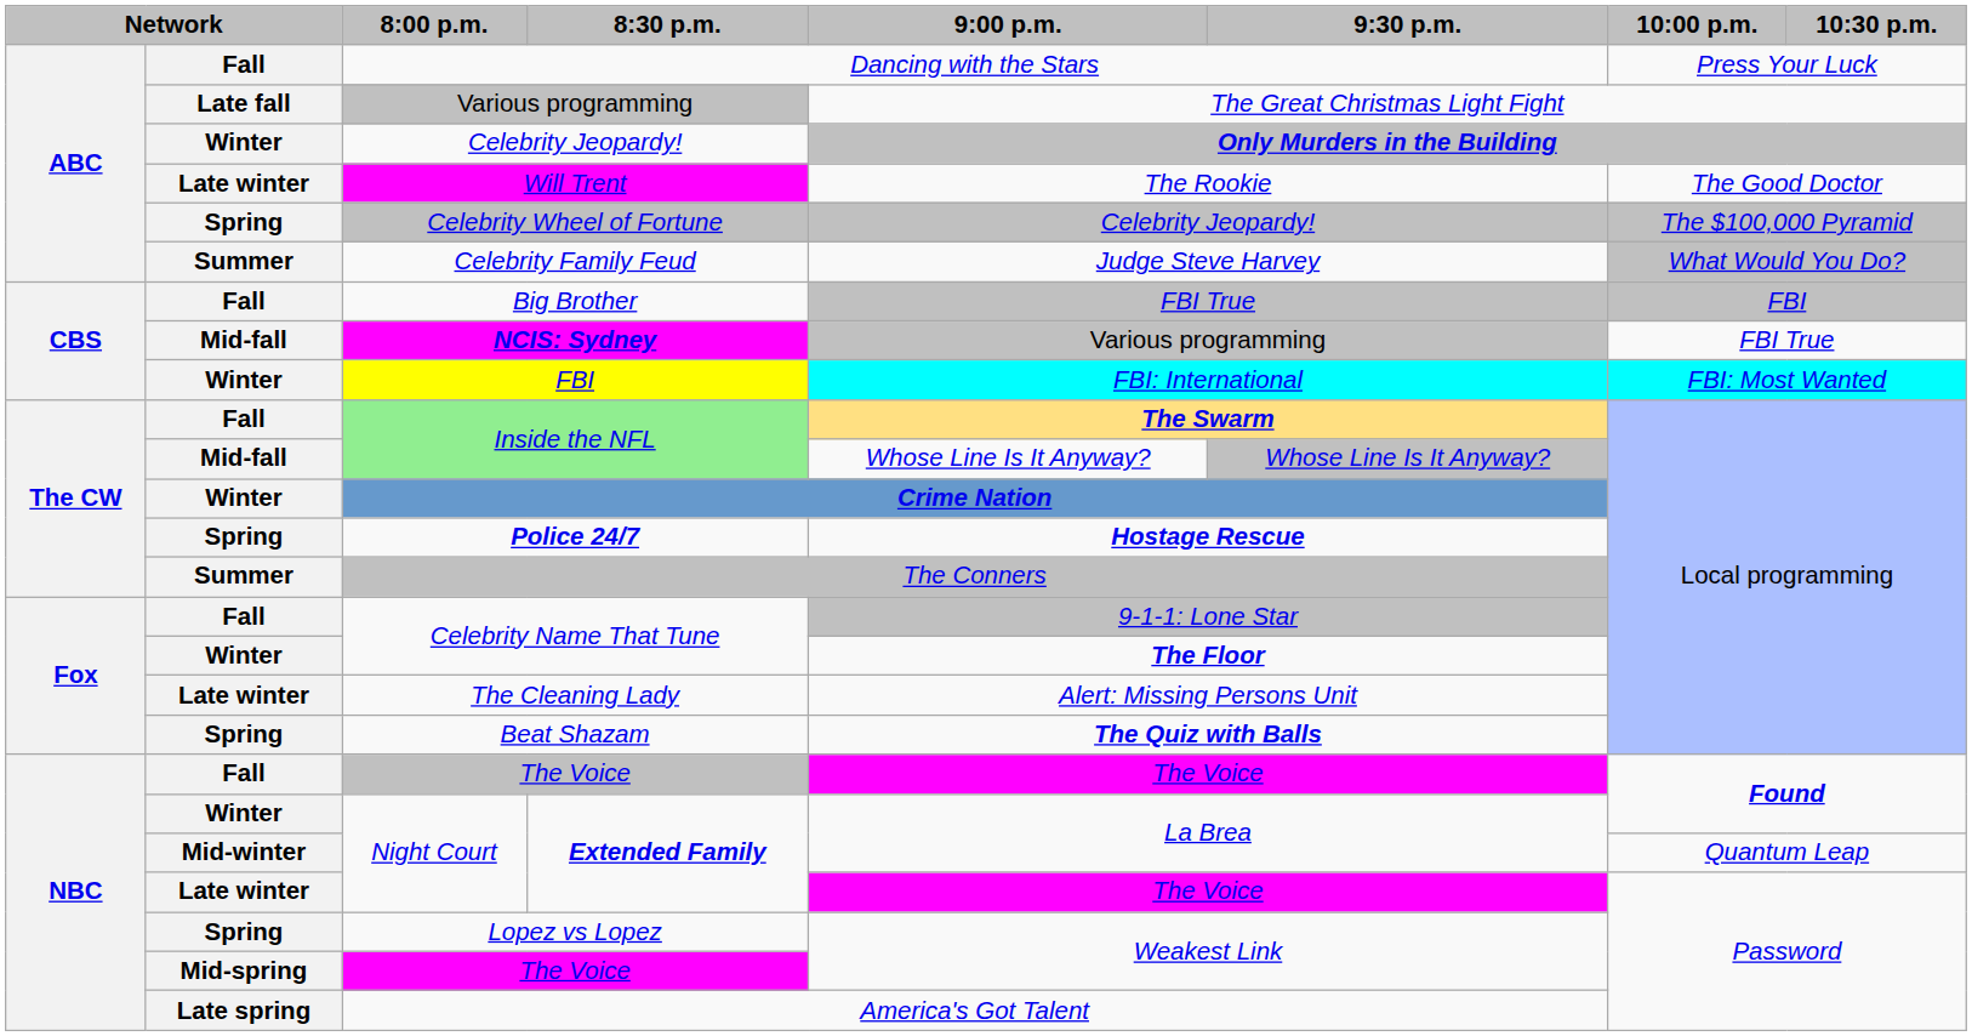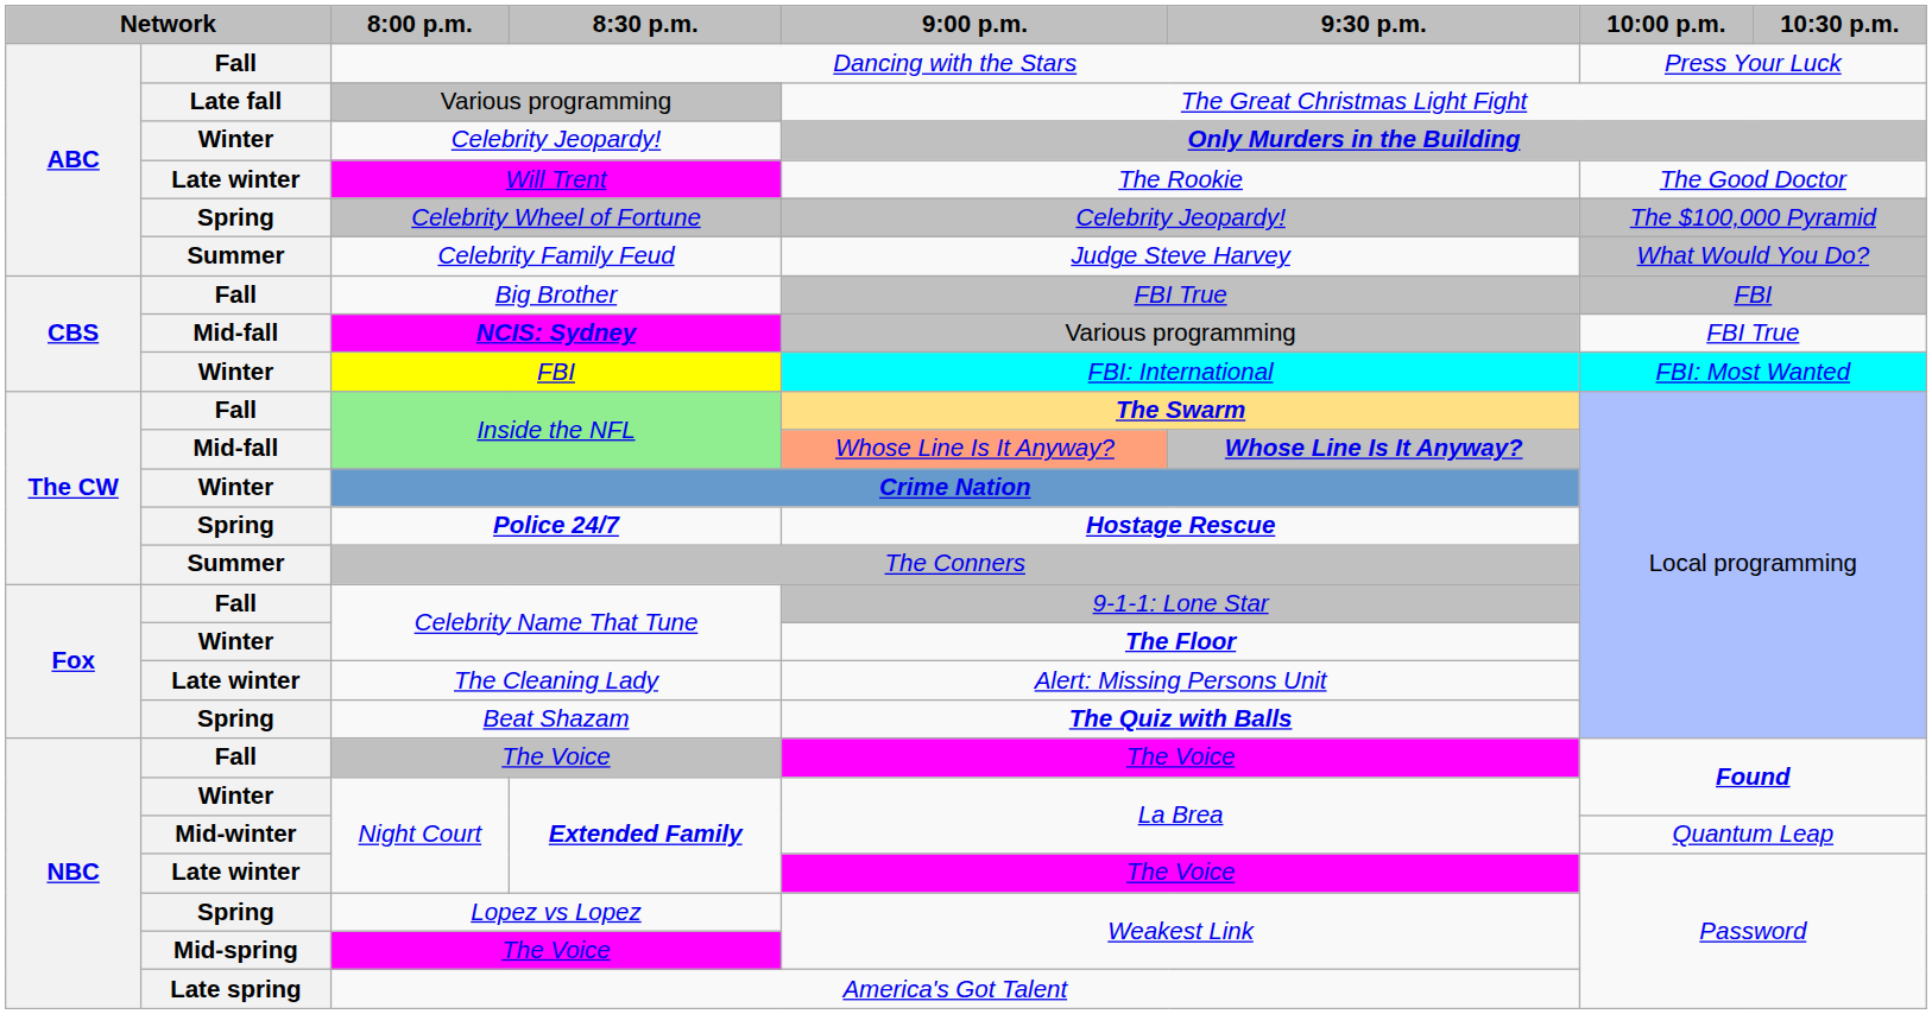 <table class="wikitable" style="width:100%;margin-right:0;text-align:center">
 <tr>
 <th colspan="2" style="background-color:#C0C0C0;text-align:center">Network</th>
 <th style="background-color:#C0C0C0;text-align:center">8:00 p.m.</th>
 <th style="background-color:#C0C0C0;text-align:center">8:30 p.m.</th>
 <th style="background-color:#C0C0C0;text-align:center">9:00 p.m.</th>
 <th style="background-color:#C0C0C0;text-align:center">9:30 p.m.</th>
 <th style="background-color:#C0C0C0;text-align:center">10:00 p.m.</th>
 <th style="background-color:#C0C0C0;text-align:center">10:30 p.m.</th>
 </tr>
 <tr>
 <th rowspan="6"><a href='#'>ABC</a></th>
 <th>Fall</th>
 <td colspan="4"><em><a href='#'>Dancing with the Stars</a></em></td>
 <td colspan="2"><em><a href='#'>Press Your Luck</a></em></td>
 </tr>
 <tr>
 <th>Late fall</th>
 <td colspan="2" style="background:#C0C0C0;">Various programming</td>
 <td colspan="4"><em><a href='#'>The Great Christmas Light Fight</a></em></td>
 </tr>
 <tr>
 <th>Winter</th>
 <td colspan="2"><em><a href='#'>Celebrity Jeopardy!</a></em></td>
 <td colspan="4" style="background:#C0C0C0;"><strong><em><a href='#'>Only Murders in the Building</a></em></strong> </td>
 </tr>
 <tr>
 <th>Late winter</th>
 <td colspan="2" style="background:magenta;"><em><a href='#'>Will Trent</a></em> </td>
 <td colspan="2"><em><a href='#'>The Rookie</a></em></td>
 <td colspan="2"><em><a href='#'>The Good Doctor</a></em></td>
 </tr>
 <tr>
 <th>Spring</th>
 <td colspan="2" style="background:#C0C0C0;"><em><a href='#'>Celebrity Wheel of Fortune</a></em> </td>
 <td colspan="2" style="background:#C0C0C0;"><em><a href='#'>Celebrity Jeopardy!</a></em> </td>
 <td colspan="2" style="background:#C0C0C0;"><em><a href='#'>The $100,000 Pyramid</a></em> </td>
 </tr>
 <tr>
 <th>Summer</th>
 <td colspan="2"><em><a href='#'>Celebrity Family Feud</a></em></td>
 <td colspan="2"><em><a href='#'>Judge Steve Harvey</a></em></td>
 <td colspan="2" style="background:#C0C0C0;"><em><a href='#'>What Would You Do?</a></em> </td>
 </tr>
 <tr>
 <th rowspan="3"><a href='#'>CBS</a></th>
 <th>Fall</th>
 <td colspan="2"><em><a href='#'>Big Brother</a></em></td>
 <td colspan="2" style="background:#C0C0C0;"><em><a href='#'>FBI True</a></em> </td>
 <td colspan="2" style="background:#C0C0C0;"><em><a href='#'>FBI</a></em> </td>
 </tr>
 <tr>
 <th>Mid-fall</th>
 <td colspan="2" style="background:magenta;"><strong><em><a href='#'>NCIS: Sydney</a></em></strong> </td>
 <td colspan="2" style="background:#C0C0C0;">Various programming</td>
 <td colspan="2"><em><a href='#'>FBI True</a></em></td>
 </tr>
 <tr>
 <th>Winter</th>
 <td colspan="2" style="background:yellow;"><em><a href='#'>FBI</a></em> </td>
 <td colspan="2" style="background:cyan;"><em><a href='#'>FBI: International</a></em> </td>
 <td colspan="2" style="background:cyan;"><em><a href='#'>FBI: Most Wanted</a></em> </td>
 </tr>
 <tr>
 <th rowspan="5"><a href='#'>The CW</a></th>
 <th>Fall</th>
 <td rowspan="2" colspan="2" style="background:lightgreen"><em><a href='#'>Inside the NFL</a></em></td>
 <td colspan="2" style="background:#FFE082;"><strong><em><a href='#'>The Swarm</a></em></strong></td>
 <td rowspan="9" colspan="2" style="background:#abbfff;">Local programming</td>
 </tr>
 <tr>
 <th>Mid-fall</th>
-<td><em><a href='#'>Whose Line Is It Anyway?</a></em></td>
-<td style="background:#C0C0C0;"><em><a href='#'>Whose Line Is It Anyway?</a></em> </td>
+<td style="background: lightsalmon;"><em><a href='#'>Whose Line Is It Anyway?</a></em></td>
+<td style="background:#C0C0C0;"><strong><em><a href='#'>Whose Line Is It Anyway?</a></em> </strong></td>
 </tr>
 <tr>
 <th>Winter</th>
 <td colspan="4" style="background:#6699CC;"><strong><em><a href='#'>Crime Nation</a></em></strong></td>
 </tr>
 <tr>
 <th>Spring</th>
 <td colspan="2"><strong><em><a href='#'>Police 24/7</a></em></strong></td>
 <td colspan="2"><strong><em><a href='#'>Hostage Rescue</a></em></strong></td>
 </tr>
 <tr>
 <th>Summer</th>
 <td colspan="4" style="background:#C0C0C0;"><em><a href='#'>The Conners</a></em> </td>
 </tr>
 <tr>
 <th rowspan="4"><a href='#'>Fox</a></th>
 <th>Fall</th>
 <td rowspan="2" colspan="2"><em><a href='#'>Celebrity Name That Tune</a></em></td>
 <td colspan="2" style="background:#C0C0C0;"><em><a href='#'>9-1-1: Lone Star</a></em> </td>
 </tr>
 <tr>
 <th>Winter</th>
 <td colspan="2"><strong><em><a href='#'>The Floor</a></em></strong></td>
 </tr>
 <tr>
 <th>Late winter</th>
 <td colspan="2"><em><a href='#'>The Cleaning Lady</a></em></td>
 <td colspan="2"><em><a href='#'>Alert: Missing Persons Unit</a></em></td>
 </tr>
 <tr>
 <th>Spring</th>
 <td colspan="2"><em><a href='#'>Beat Shazam</a></em></td>
 <td colspan="2"><strong><em><a href='#'>The Quiz with Balls</a></em></strong></td>
 </tr>
 <tr>
 <th rowspan="7"><a href='#'>NBC</a></th>
 <th>Fall</th>
 <td colspan="2" style="background:#C0C0C0;"><em><a href='#'>The Voice</a></em> </td>
 <td colspan="2" style="background:magenta;"><em><a href='#'>The Voice</a></em> </td>
 <td rowspan="2" colspan="2"><strong><em><a href='#'>Found</a></em></strong></td>
 </tr>
 <tr>
 <th>Winter</th>
 <td rowspan="3"><em><a href='#'>Night Court</a></em></td>
 <td rowspan="3"><strong><em><a href='#'>Extended Family</a></em></strong></td>
 <td rowspan="2" colspan="2"><em><a href='#'>La Brea</a></em></td>
 </tr>
 <tr>
 <th>Mid-winter</th>
 <td colspan="2"><em><a href='#'>Quantum Leap</a></em></td>
 </tr>
 <tr>
 <th>Late winter</th>
 <td colspan="2" style="background:magenta;"><em><a href='#'>The Voice</a></em> </td>
 <td rowspan="4" colspan="2"><em><a href='#'>Password</a></em></td>
 </tr>
 <tr>
 <th>Spring</th>
 <td colspan="2"><em><a href='#'>Lopez vs Lopez</a></em></td>
 <td rowspan="2" colspan="2"><em><a href='#'>Weakest Link</a></em></td>
 </tr>
 <tr>
 <th>Mid-spring</th>
 <td colspan="2" style="background:magenta;"><em><a href='#'>The Voice</a></em> </td>
 </tr>
 <tr>
 <th>Late spring</th>
 <td colspan="4"><em><a href='#'>America's Got Talent</a></em></td>
 </tr>
 </table>
